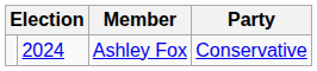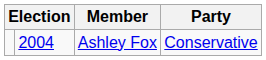 <table class="wikitable">
 <tr>
 <th colspan="2">Election</th>
 <th>Member</th>
 <th>Party</th>
 </tr>
 <tr>
 <td style="color:inherit;background-color: "></td>
-<td><a href='#'>2024</a></td>
+<td><a href='#'>2004</a></td>
 <td><a href='#'>Ashley Fox</a></td>
 <td><a href='#'>Conservative</a></td>
 </tr>
 </table>
